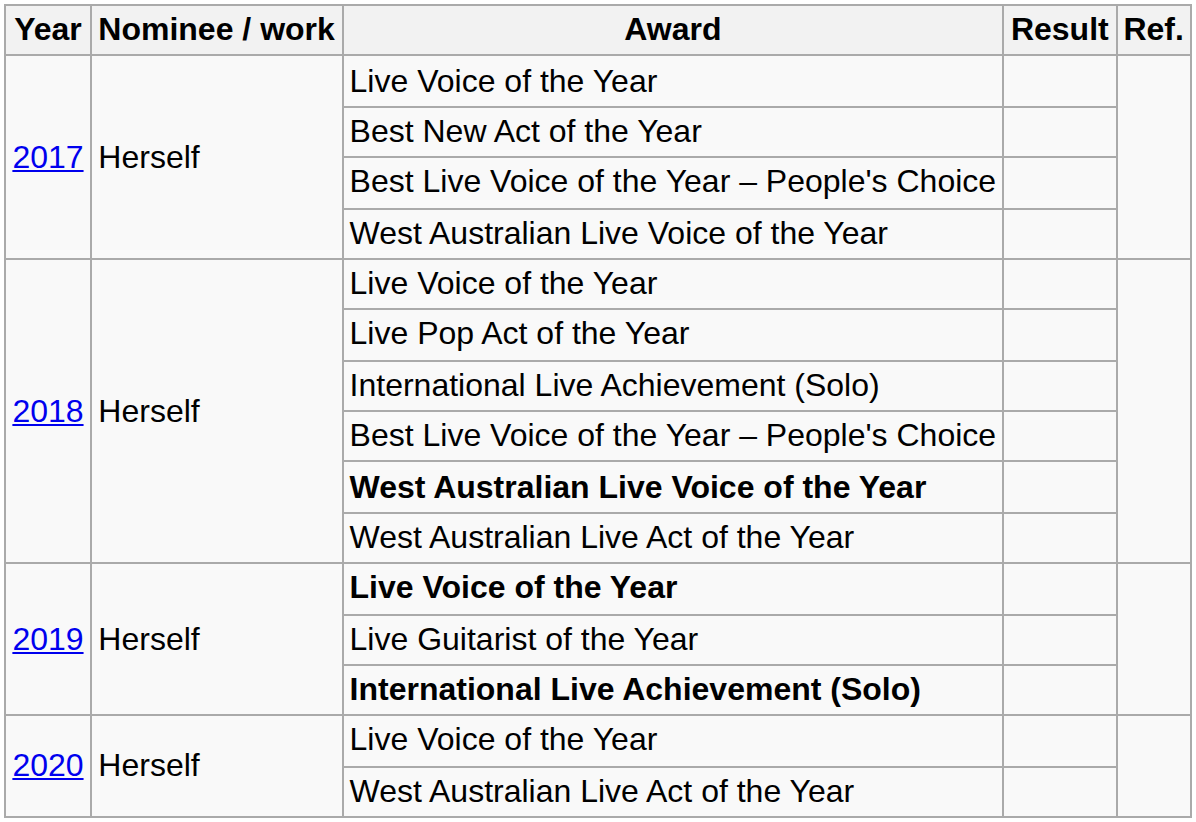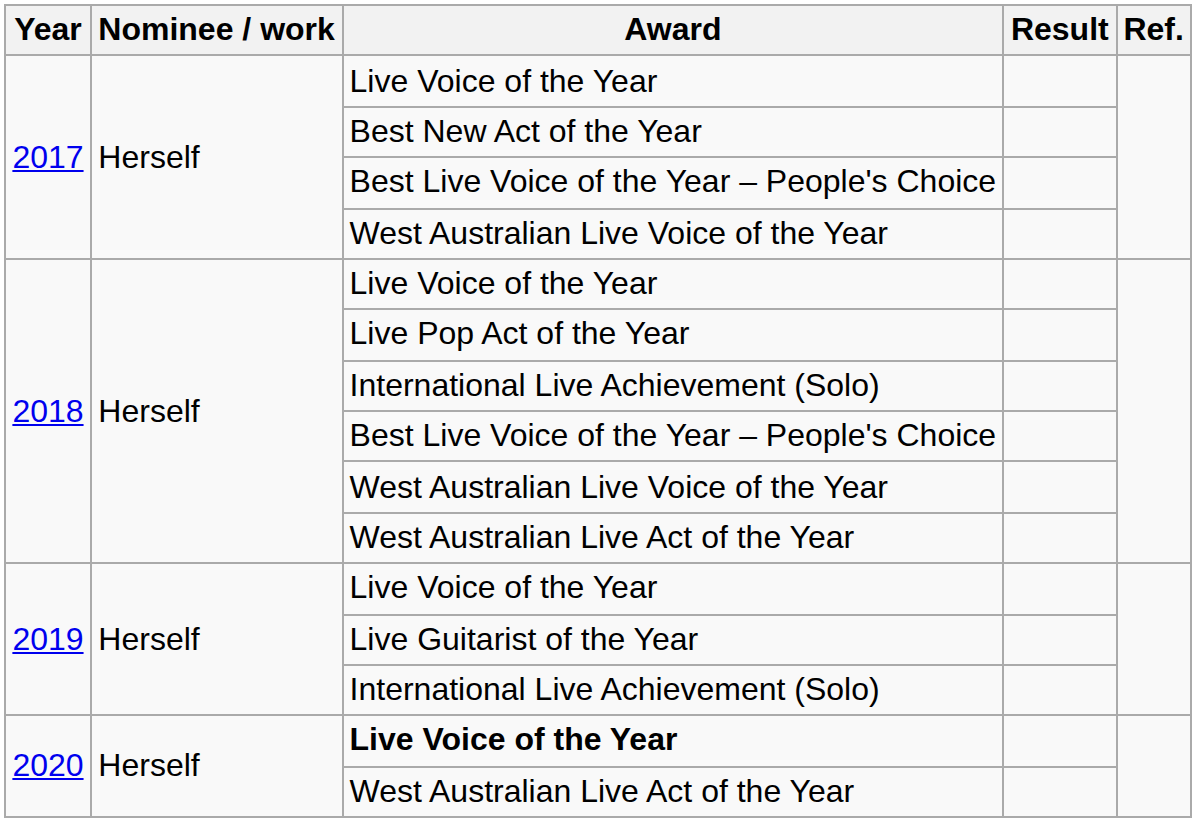 <table class="wikitable">
 <tr>
 <th>Year</th>
 <th>Nominee / work</th>
 <th>Award</th>
 <th>Result</th>
 <th>Ref.</th>
 </tr>
 <tr>
 <td rowspan="4"><a href='#'>2017</a></td>
 <td rowspan="4">Herself</td>
 <td>Live Voice of the Year</td>
 <td></td>
 <td rowspan="4"></td>
 </tr>
 <tr>
 <td>Best New Act of the Year</td>
 <td></td>
 </tr>
 <tr>
 <td>Best Live Voice of the Year – People's Choice</td>
 <td></td>
 </tr>
 <tr>
 <td>West Australian Live Voice of the Year</td>
 <td></td>
 </tr>
 <tr>
 <td rowspan="6"><a href='#'>2018</a></td>
 <td rowspan="6">Herself</td>
 <td>Live Voice of the Year</td>
 <td></td>
 <td rowspan="6"></td>
 </tr>
 <tr>
 <td>Live Pop Act of the Year</td>
 <td></td>
 </tr>
 <tr>
 <td>International Live Achievement (Solo)</td>
 <td></td>
 </tr>
 <tr>
 <td>Best Live Voice of the Year – People's Choice</td>
 <td></td>
 </tr>
 <tr>
-<td><strong>West Australian Live Voice of the Year</strong></td>
+<td>West Australian Live Voice of the Year</td>
 <td></td>
 </tr>
 <tr>
 <td>West Australian Live Act of the Year</td>
 <td></td>
 </tr>
 <tr>
 <td rowspan="3"><a href='#'>2019</a></td>
 <td rowspan="3">Herself</td>
-<td><strong>Live Voice of the Year</strong></td>
+<td>Live Voice of the Year</td>
 <td></td>
 <td rowspan="3"></td>
 </tr>
 <tr>
 <td>Live Guitarist of the Year</td>
 <td></td>
 </tr>
 <tr>
-<td><strong>International Live Achievement (Solo)</strong></td>
+<td>International Live Achievement (Solo)</td>
 <td></td>
 </tr>
 <tr>
 <td rowspan="2"><a href='#'>2020</a></td>
 <td rowspan="2">Herself</td>
-<td>Live Voice of the Year</td>
+<td><strong>Live Voice of the Year</strong></td>
 <td></td>
 <td rowspan="2"></td>
 </tr>
 <tr>
 <td>West Australian Live Act of the Year</td>
 <td></td>
 </tr>
 </table>
